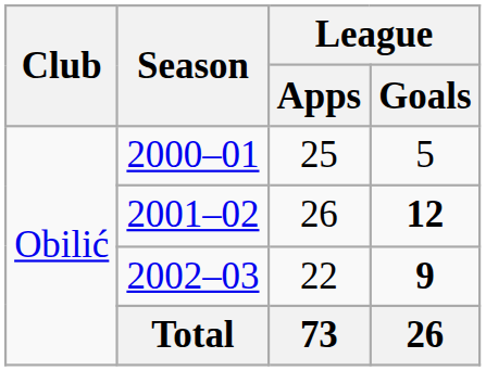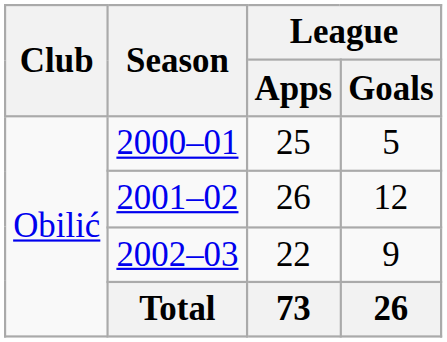 <table class="wikitable" style="text-align:center">
 <tr>
 <th rowspan="2">Club</th>
 <th rowspan="2">Season</th>
 <th colspan="2">League</th>
 </tr>
 <tr>
 <th>Apps</th>
 <th>Goals</th>
 </tr>
 <tr>
 <td rowspan="4"><a href='#'>Obilić</a></td>
 <td><a href='#'>2000–01</a></td>
 <td>25</td>
 <td>5</td>
 </tr>
 <tr>
 <td><a href='#'>2001–02</a></td>
 <td>26</td>
-<td><strong>12</strong></td>
+<td>12</td>
 </tr>
 <tr>
 <td><a href='#'>2002–03</a></td>
 <td>22</td>
-<td><strong>9</strong></td>
+<td>9</td>
 </tr>
 <tr>
 <th>Total</th>
 <th>73</th>
 <th>26</th>
 </tr>
 </table>
